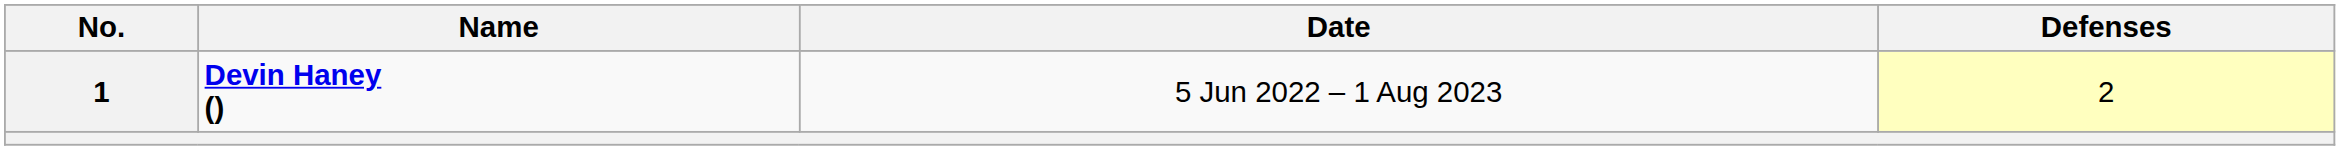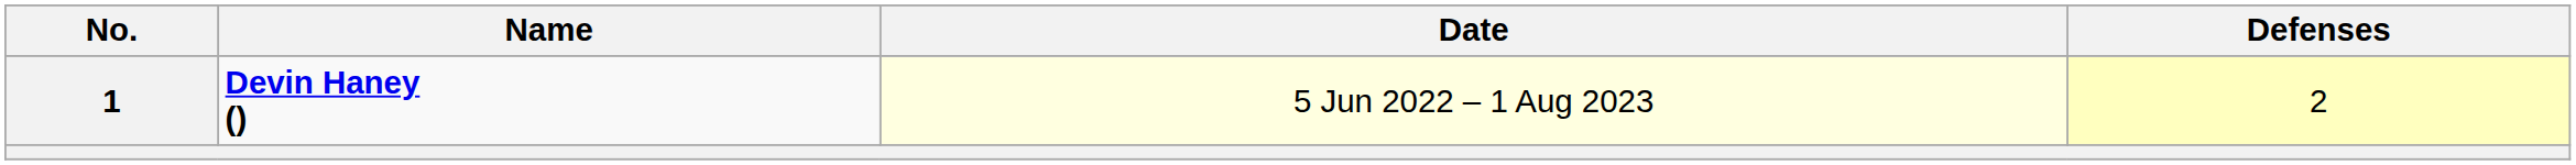 <table class="wikitable sortable" style="width:80%">
 <tr>
 <th>No.</th>
 <th>Name</th>
 <th>Date</th>
 <th>Defenses</th>
 </tr>
 <tr align=center>
 <th>1</th>
 <td align=left><strong><a href='#'>Devin Haney</a><br>()</strong></td>
-<td>5 Jun 2022 – 1 Aug 2023</td>
+<td style="background: lightyellow;">5 Jun 2022 – 1 Aug 2023</td>
 <td style="background:#ffffbf;">2</td>
 </tr>
 <tr>
 <th colspan=4></th>
 </tr>
 </table>
